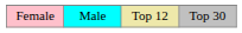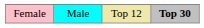 <table border="2" cellpadding="4" style="background:silver; border:1px solid gray; border-collapse:collapse; margin:1em auto; text-align:center;">
 <tr>
 </tr>
 <tr>
 <td style="background:pink;" width="20%">Female</td>
 <td style="background:cyan;" width="20%">Male</td>
 <td style="background:palegoldenrod;" width="20%">Top 12</td>
-<td style="background:CCCCCC;" width="20%">Top 30</td>
+<td style="background:CCCCCC;" width="20%"><strong>Top 30</strong></td>
 </tr>
 </table>
